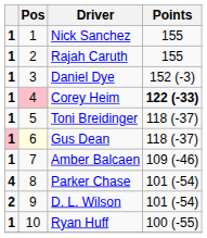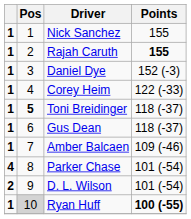 <table class="wikitable" style="font-size: 95%;">
 <tr>
 <th></th>
 <th>Pos</th>
 <th>Driver</th>
 <th>Points</th>
 </tr>
 <tr>
 <td align="left"> <strong>1</strong></td>
 <td style="text-align:center;">1</td>
 <td><a href='#'>Nick Sanchez</a></td>
 <td style="text-align:center;">155</td>
 </tr>
 <tr>
 <td align="left"> <strong>1</strong></td>
 <td style="text-align:center;">2</td>
 <td><a href='#'>Rajah Caruth</a></td>
-<td style="text-align:center;">155</td>
+<td style="text-align:center;"><strong>155</strong></td>
 </tr>
 <tr>
 <td align="left"> <strong>1</strong></td>
 <td style="text-align:center;">3</td>
 <td><a href='#'>Daniel Dye</a></td>
 <td style="text-align:center;">152 (-3)</td>
 </tr>
 <tr>
 <td align="left"> <strong>1</strong></td>
-<td style="background: pink; text-align:center;">4</td>
+<td style="text-align:center;">4</td>
 <td><a href='#'>Corey Heim</a></td>
-<td style="text-align:center;"><strong>122 (-33)</strong></td>
+<td style="text-align:center;">122 (-33)</td>
 </tr>
 <tr>
 <td align="left"> <strong>1</strong></td>
-<td style="text-align:center;">5</td>
+<td style="text-align:center;"><strong>5</strong></td>
 <td><a href='#'>Toni Breidinger</a></td>
 <td style="text-align:center;">118 (-37)</td>
 </tr>
 <tr>
-<td align="left" style="background: pink;"> <strong>1</strong></td>
-<td style="background: lightyellow; text-align:center;">6</td>
+<td align="left"> <strong>1</strong></td>
+<td style="text-align:center;">6</td>
 <td><a href='#'>Gus Dean</a></td>
 <td style="text-align:center;">118 (-37)</td>
 </tr>
 <tr>
 <td align="left"> <strong>1</strong></td>
 <td style="text-align:center;">7</td>
 <td><a href='#'>Amber Balcaen</a></td>
 <td style="text-align:center;">109 (-46)</td>
 </tr>
 <tr>
 <td align="left"> <strong>4</strong></td>
 <td style="text-align:center;">8</td>
 <td><a href='#'>Parker Chase</a></td>
 <td style="text-align:center;">101 (-54)</td>
 </tr>
 <tr>
 <td align="left"> <strong>2</strong></td>
 <td style="text-align:center;">9</td>
 <td><a href='#'>D. L. Wilson</a></td>
 <td style="text-align:center;">101 (-54)</td>
 </tr>
 <tr>
 <td align="left"> <strong>1</strong></td>
-<td style="text-align:center;">10</td>
+<td style="background: lightgrey; text-align:center;">10</td>
 <td><a href='#'>Ryan Huff</a></td>
-<td style="text-align:center;">100 (-55)</td>
+<td style="text-align:center;"><strong>100 (-55)</strong></td>
 </tr>
 <tr class="sortbottom">
 </tr>
 </table>
